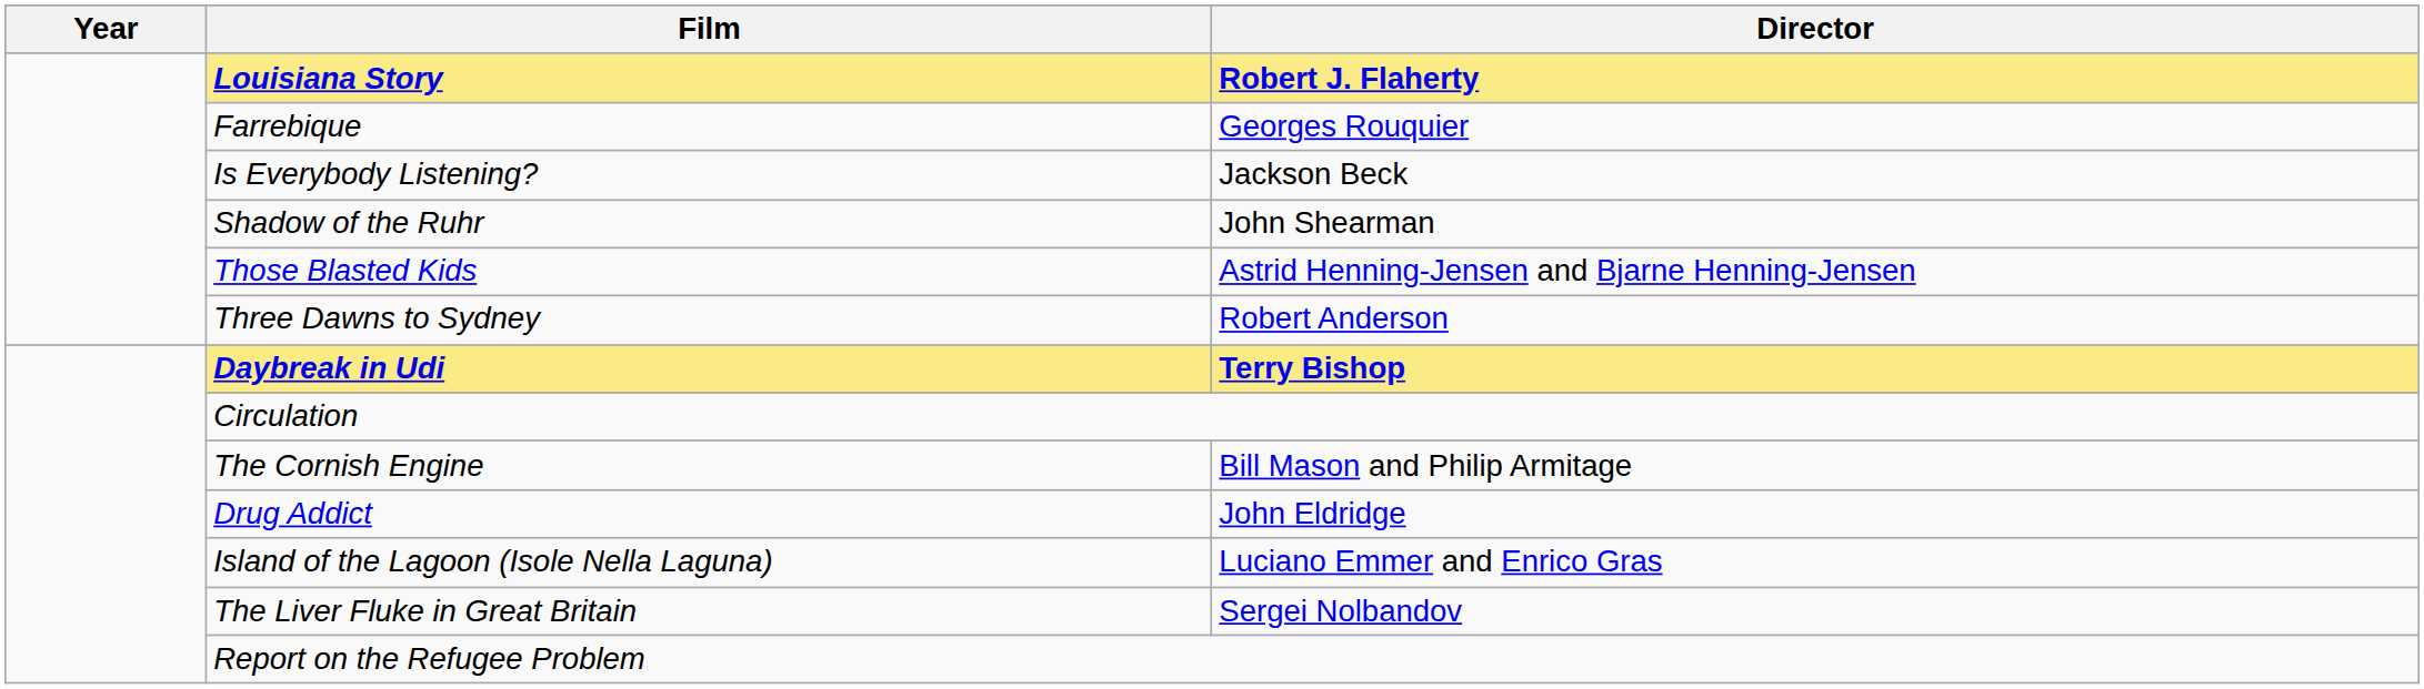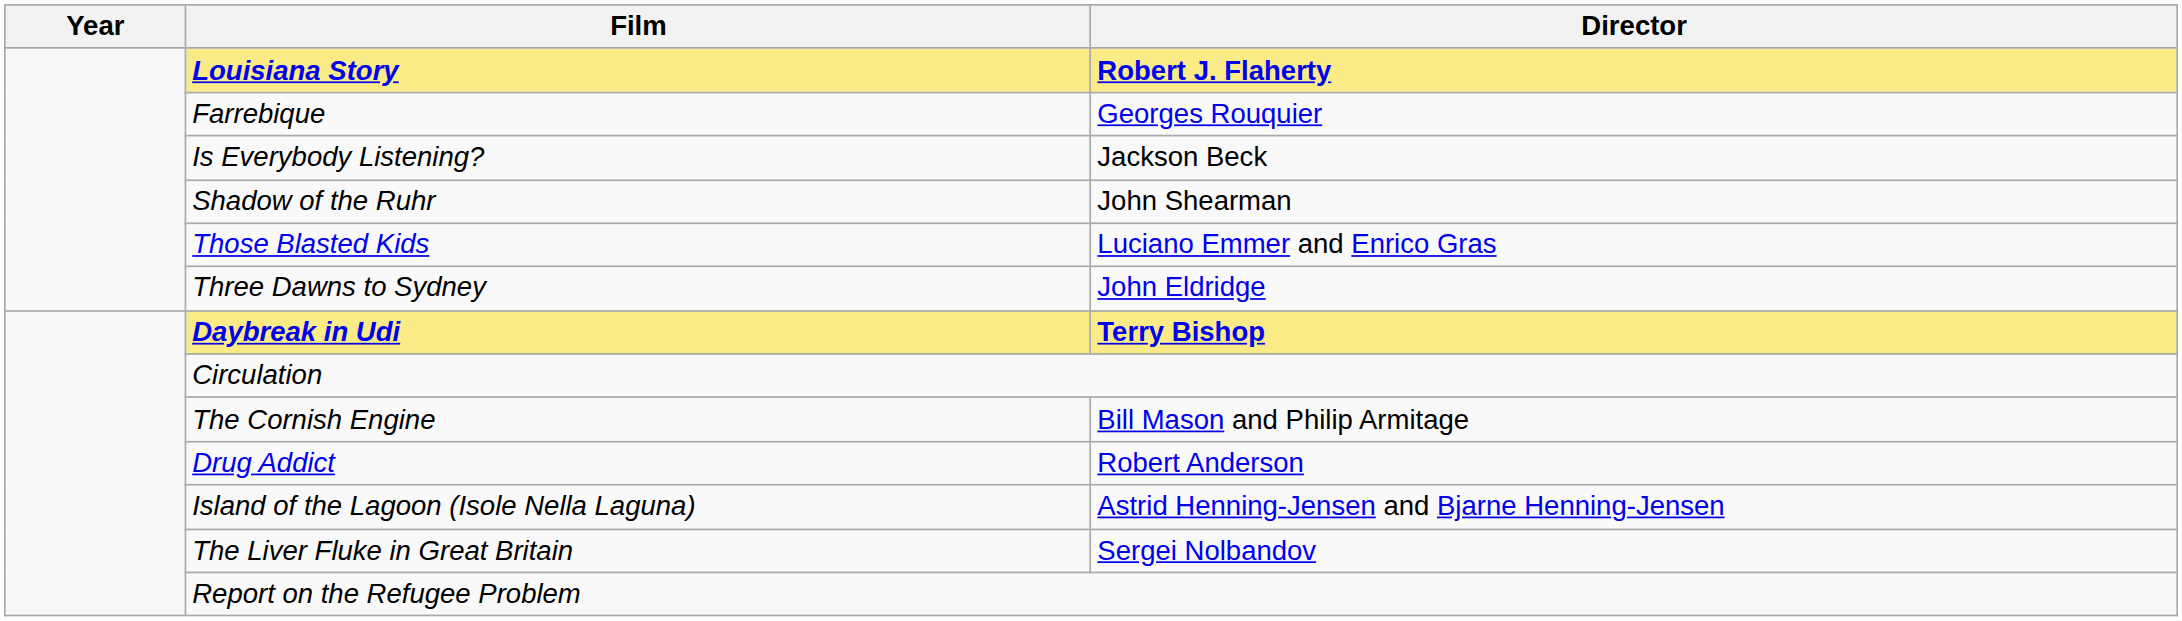 <table class="wikitable" style="width:100%;" cellpadding="5">
 <tr>
 <th style="width:5%;">Year</th>
 <th style="width:25%;">Film</th>
 <th style="width:30%;">Director</th>
 </tr>
 <tr>
 <td rowspan="6"></td>
 <td style="background:#FAEB86"><strong><em><a href='#'>Louisiana Story</a></em></strong></td>
 <td style="background:#FAEB86"><strong><a href='#'>Robert J. Flaherty</a></strong></td>
 </tr>
 <tr>
 <td><em>Farrebique</em></td>
 <td><a href='#'>Georges Rouquier</a></td>
 </tr>
 <tr>
 <td><em>Is Everybody Listening?</em></td>
 <td>Jackson Beck</td>
 </tr>
 <tr>
 <td><em>Shadow of the Ruhr</em></td>
 <td>John Shearman</td>
 </tr>
 <tr>
 <td><em><a href='#'>Those Blasted Kids</a></em></td>
-<td><a href='#'>Astrid Henning-Jensen</a> and <a href='#'>Bjarne Henning-Jensen</a></td>
+<td><a href='#'>Luciano Emmer</a> and <a href='#'>Enrico Gras</a></td>
 </tr>
 <tr>
 <td><em>Three Dawns to Sydney</em></td>
-<td><a href='#'>Robert Anderson</a></td>
+<td><a href='#'>John Eldridge</a></td>
 </tr>
 <tr>
 <td rowspan="7"></td>
 <td style="background:#FAEB86"><strong><em><a href='#'>Daybreak in Udi</a></em></strong></td>
 <td style="background:#FAEB86"><strong><a href='#'>Terry Bishop</a></strong></td>
 </tr>
 <tr>
 <td colspan="2"><em>Circulation</em></td>
 </tr>
 <tr>
 <td><em>The Cornish Engine</em></td>
 <td><a href='#'>Bill Mason</a> and Philip Armitage</td>
 </tr>
 <tr>
 <td><em><a href='#'>Drug Addict</a></em></td>
-<td><a href='#'>John Eldridge</a></td>
+<td><a href='#'>Robert Anderson</a></td>
 </tr>
 <tr>
 <td><em>Island of the Lagoon (Isole Nella Laguna)</em></td>
-<td><a href='#'>Luciano Emmer</a> and <a href='#'>Enrico Gras</a></td>
+<td><a href='#'>Astrid Henning-Jensen</a> and <a href='#'>Bjarne Henning-Jensen</a></td>
 </tr>
 <tr>
 <td><em>The Liver Fluke in Great Britain</em></td>
 <td><a href='#'>Sergei Nolbandov</a></td>
 </tr>
 <tr>
 <td colspan="2"><em>Report on the Refugee Problem</em></td>
 </tr>
 </table>
